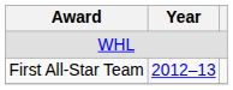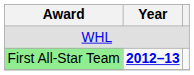 <table class="wikitable">
 <tr>
 <th>Award</th>
 <th>Year</th>
 <th></th>
 </tr>
 <tr ALIGN="center" bgcolor="#e0e0e0">
 <td colspan="3"><a href='#'>WHL</a></td>
 </tr>
 <tr>
-<td>First All-Star Team</td>
-<td><a href='#'>2012–13</a></td>
+<td style="background: lightgreen;">First All-Star Team</td>
+<td><strong><a href='#'>2012–13</a></strong></td>
 <td></td>
 </tr>
 <tr>
 </tr>
 </table>
